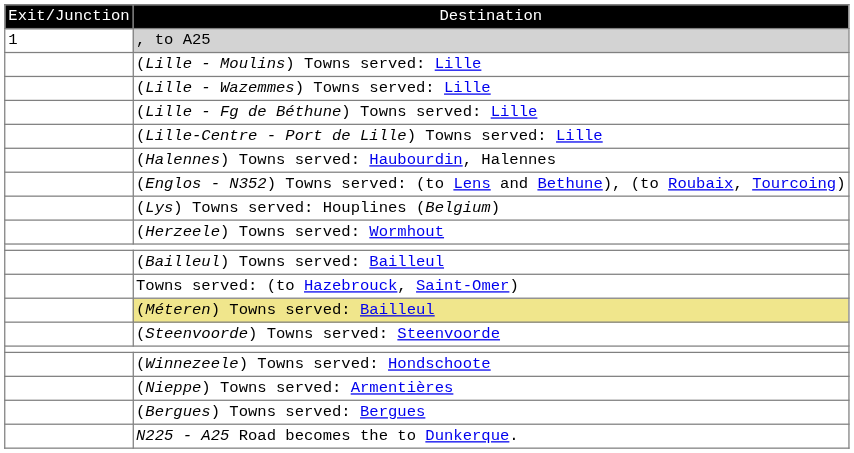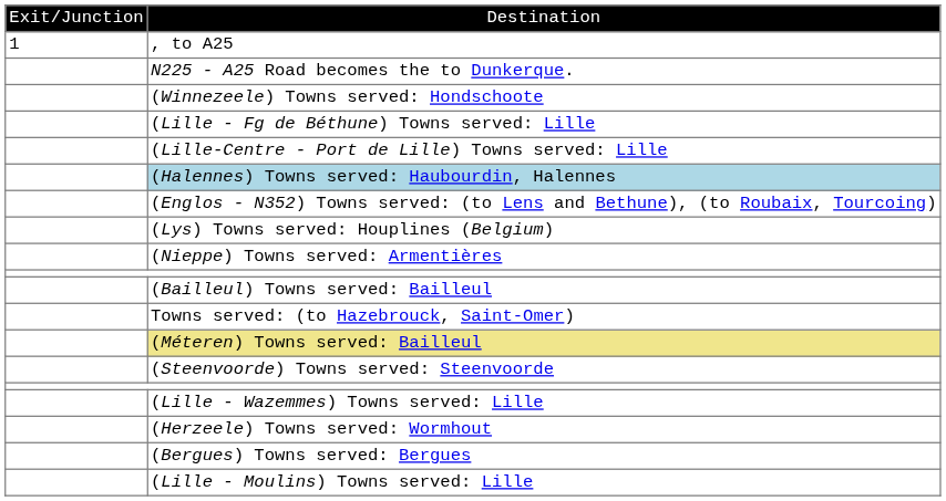 <table border=1 cellpadding=2 style="margin-left:1em; margin-bottom: 1em; color: black; border-collapse: collapse; font-size: 95%;">
 <tr align="center" bgcolor="000000" style="color: white">
 <td>Exit/Junction</td>
 <td>Destination</td>
 </tr>
 <tr>
 <td> 1</td>
-<td style="background: lightgrey;"><em></em>, <em></em> to A25</td>
+<td><em></em>, <em></em> to A25</td>
 </tr>
 <tr>
 <td></td>
-<td>(<em>Lille - Moulins</em>) Towns served: <a href='#'>Lille</a></td>
+<td><em>N225 - A25</em> Road becomes the <em></em> to <a href='#'>Dunkerque</a>.</td>
 </tr>
 <tr>
 <td></td>
-<td>(<em>Lille - Wazemmes</em>) Towns served: <a href='#'>Lille</a></td>
+<td>(<em>Winnezeele</em>) Towns served: <a href='#'>Hondschoote</a></td>
 </tr>
 <tr>
 <td></td>
 <td>(<em>Lille - Fg de Béthune</em>) Towns served:  <a href='#'>Lille</a></td>
 </tr>
 <tr>
 <td></td>
 <td>(<em>Lille-Centre - Port de Lille</em>) Towns served: <a href='#'>Lille</a></td>
 </tr>
 <tr>
 <td></td>
-<td>(<em>Halennes</em>) Towns served: <a href='#'>Haubourdin</a>, Halennes</td>
+<td style="background: lightblue;">(<em>Halennes</em>) Towns served: <a href='#'>Haubourdin</a>, Halennes</td>
 </tr>
 <tr>
 <td></td>
 <td>(<em>Englos - N352</em>) Towns served: <em></em> (to <a href='#'>Lens</a> and <a href='#'>Bethune</a>), <em></em> (to <a href='#'>Roubaix</a>, <a href='#'>Tourcoing</a>)</td>
 </tr>
 <tr>
 <td></td>
 <td>(<em>Lys</em>) Towns served: Houplines (<em>Belgium</em>)</td>
 </tr>
 <tr>
 <td></td>
-<td>(<em>Herzeele</em>) Towns served: <a href='#'>Wormhout</a></td>
+<td>(<em>Nieppe</em>) Towns served: <a href='#'>Armentières</a></td>
 </tr>
 <tr>
 <td colspan="2"></td>
 </tr>
 <tr>
 <td></td>
 <td>(<em>Bailleul</em>) Towns served: <a href='#'>Bailleul</a></td>
 </tr>
 <tr>
 <td></td>
 <td>Towns served: <em></em> (to <a href='#'>Hazebrouck</a>, <a href='#'>Saint-Omer</a>)</td>
 </tr>
 <tr>
 <td></td>
 <td style="background: khaki;">(<em>Méteren</em>) Towns served: <a href='#'>Bailleul</a></td>
 </tr>
 <tr>
 <td></td>
 <td>(<em>Steenvoorde</em>) Towns served: <a href='#'>Steenvoorde</a></td>
 </tr>
 <tr>
 <td colspan="2"></td>
 </tr>
 <tr>
 <td></td>
-<td>(<em>Winnezeele</em>) Towns served: <a href='#'>Hondschoote</a></td>
+<td>(<em>Lille - Wazemmes</em>) Towns served: <a href='#'>Lille</a></td>
 </tr>
 <tr>
 <td></td>
-<td>(<em>Nieppe</em>) Towns served: <a href='#'>Armentières</a></td>
+<td>(<em>Herzeele</em>) Towns served: <a href='#'>Wormhout</a></td>
 </tr>
 <tr>
 <td></td>
 <td>(<em>Bergues</em>) Towns served: <a href='#'>Bergues</a></td>
 </tr>
 <tr>
 <td></td>
-<td><em>N225 - A25</em> Road becomes the <em></em> to <a href='#'>Dunkerque</a>.</td>
+<td>(<em>Lille - Moulins</em>) Towns served: <a href='#'>Lille</a></td>
 </tr>
 </table>
